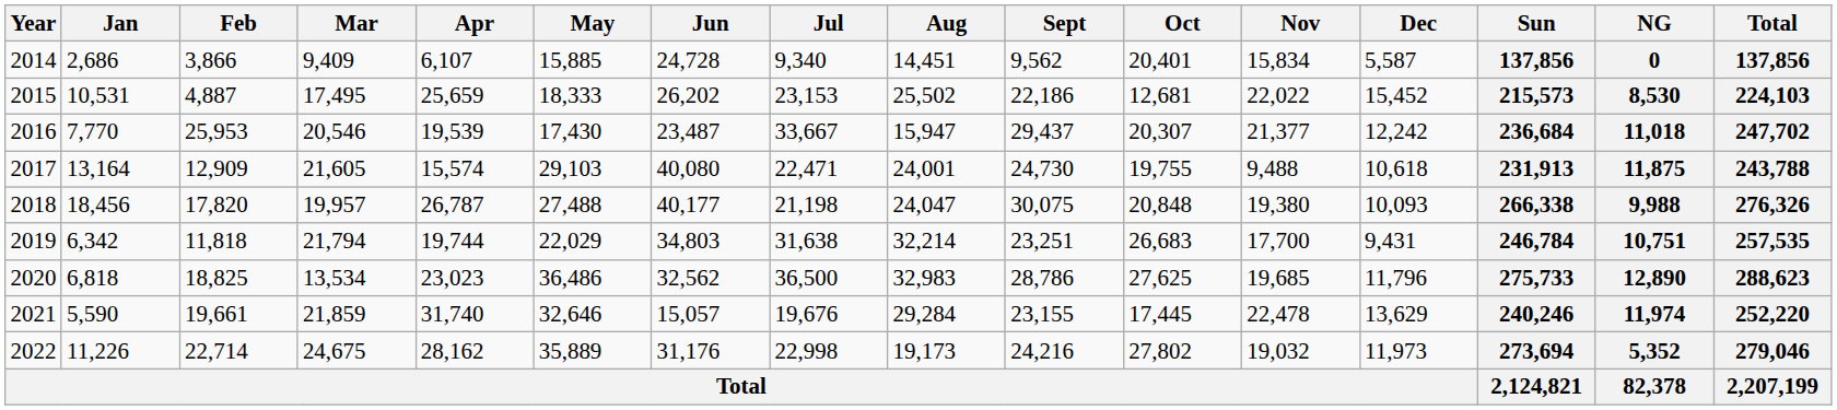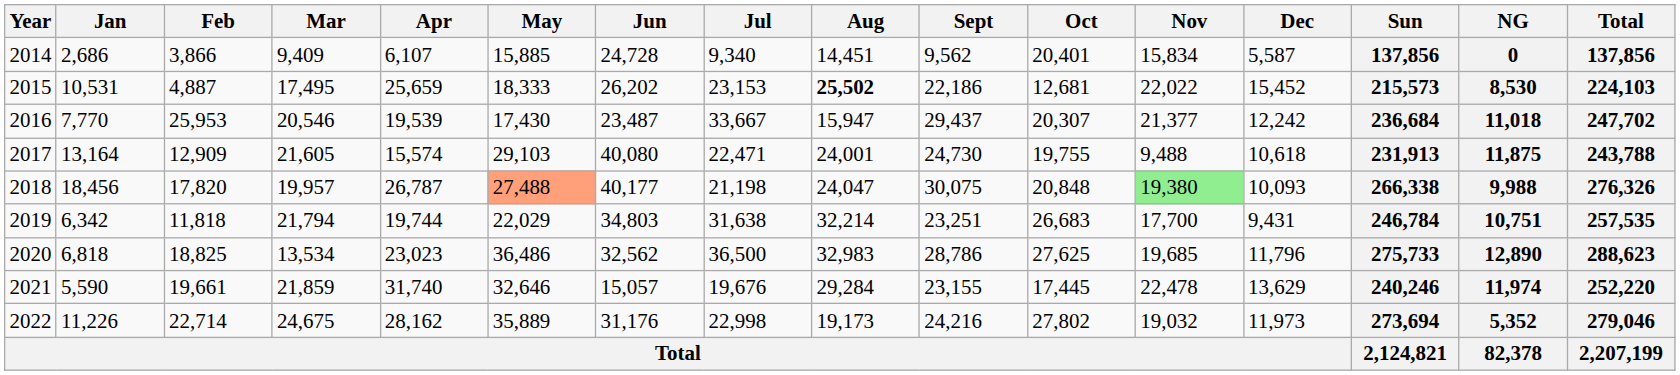 <table class=wikitable>
 <tr>
 <th>Year</th>
 <th style="width:75px;">Jan</th>
 <th style="width:75px;">Feb</th>
 <th style="width:75px;">Mar</th>
 <th style="width:75px;">Apr</th>
 <th style="width:75px;">May</th>
 <th style="width:75px;">Jun</th>
 <th style="width:75px;">Jul</th>
 <th style="width:75px;">Aug</th>
 <th style="width:75px;">Sept</th>
 <th style="width:75px;">Oct</th>
 <th style="width:75px;">Nov</th>
 <th style="width:75px;">Dec</th>
 <th style="width:75px;">Sun</th>
 <th style="width:75px;">NG</th>
 <th style="width:75px;">Total</th>
 </tr>
 <tr>
 <td>2014</td>
 <td>2,686</td>
 <td>3,866</td>
 <td>9,409</td>
 <td>6,107</td>
 <td>15,885</td>
 <td>24,728</td>
 <td>9,340</td>
 <td>14,451</td>
 <td>9,562</td>
 <td>20,401</td>
 <td>15,834</td>
 <td>5,587</td>
 <th>137,856</th>
 <th>0</th>
 <th>137,856</th>
 </tr>
 <tr>
 <td>2015</td>
 <td>10,531</td>
 <td>4,887</td>
 <td>17,495</td>
 <td>25,659</td>
 <td>18,333</td>
 <td>26,202</td>
 <td>23,153</td>
-<td>25,502</td>
+<td><strong>25,502</strong></td>
 <td>22,186</td>
 <td>12,681</td>
 <td>22,022</td>
 <td>15,452</td>
 <th>215,573</th>
 <th>8,530</th>
 <th>224,103</th>
 </tr>
 <tr>
 <td>2016</td>
 <td>7,770</td>
 <td>25,953</td>
 <td>20,546</td>
 <td>19,539</td>
 <td>17,430</td>
 <td>23,487</td>
 <td>33,667</td>
 <td>15,947</td>
 <td>29,437</td>
 <td>20,307</td>
 <td>21,377</td>
 <td>12,242</td>
 <th>236,684</th>
 <th>11,018</th>
 <th>247,702</th>
 </tr>
 <tr>
 <td>2017</td>
 <td>13,164</td>
 <td>12,909</td>
 <td>21,605</td>
 <td>15,574</td>
 <td>29,103</td>
 <td>40,080</td>
 <td>22,471</td>
 <td>24,001</td>
 <td>24,730</td>
 <td>19,755</td>
 <td>9,488</td>
 <td>10,618</td>
 <th>231,913</th>
 <th>11,875</th>
 <th>243,788</th>
 </tr>
 <tr>
 <td>2018</td>
 <td>18,456</td>
 <td>17,820</td>
 <td>19,957</td>
 <td>26,787</td>
-<td>27,488</td>
+<td style="background: lightsalmon;">27,488</td>
 <td>40,177</td>
 <td>21,198</td>
 <td>24,047</td>
 <td>30,075</td>
 <td>20,848</td>
-<td>19,380</td>
+<td style="background: lightgreen;">19,380</td>
 <td>10,093</td>
 <th>266,338</th>
 <th>9,988</th>
 <th>276,326</th>
 </tr>
 <tr>
 <td>2019</td>
 <td>6,342</td>
 <td>11,818</td>
 <td>21,794</td>
 <td>19,744</td>
 <td>22,029</td>
 <td>34,803</td>
 <td>31,638</td>
 <td>32,214</td>
 <td>23,251</td>
 <td>26,683</td>
 <td>17,700</td>
 <td>9,431</td>
 <th>246,784</th>
 <th>10,751</th>
 <th>257,535</th>
 </tr>
 <tr>
 <td>2020</td>
 <td>6,818</td>
 <td>18,825</td>
 <td>13,534</td>
 <td>23,023</td>
 <td>36,486</td>
 <td>32,562</td>
 <td>36,500</td>
 <td>32,983</td>
 <td>28,786</td>
 <td>27,625</td>
 <td>19,685</td>
 <td>11,796</td>
 <th>275,733</th>
 <th>12,890</th>
 <th>288,623</th>
 </tr>
 <tr>
 <td>2021</td>
 <td>5,590</td>
 <td>19,661</td>
 <td>21,859</td>
 <td>31,740</td>
 <td>32,646</td>
 <td>15,057</td>
 <td>19,676</td>
 <td>29,284</td>
 <td>23,155</td>
 <td>17,445</td>
 <td>22,478</td>
 <td>13,629</td>
 <th>240,246</th>
 <th>11,974</th>
 <th>252,220</th>
 </tr>
 <tr>
 <td>2022</td>
 <td>11,226</td>
 <td>22,714</td>
 <td>24,675</td>
 <td>28,162</td>
 <td>35,889</td>
 <td>31,176</td>
 <td>22,998</td>
 <td>19,173</td>
 <td>24,216</td>
 <td>27,802</td>
 <td>19,032</td>
 <td>11,973</td>
 <th>273,694</th>
 <th>5,352</th>
 <th>279,046</th>
 </tr>
 <tr>
 <th colspan="13">Total</th>
 <th>2,124,821</th>
 <th>82,378</th>
 <th>2,207,199</th>
 </tr>
 </table>
